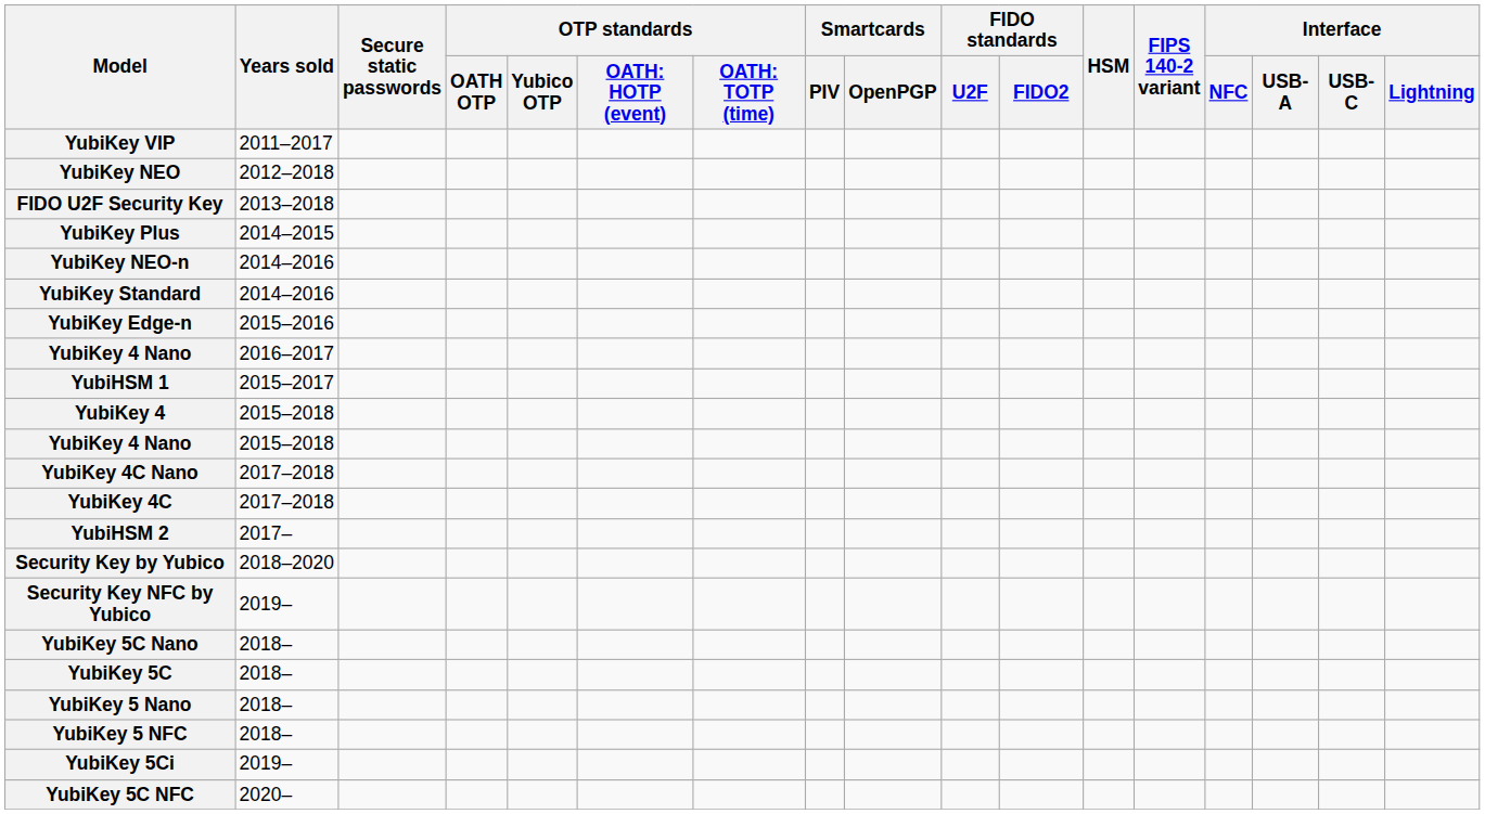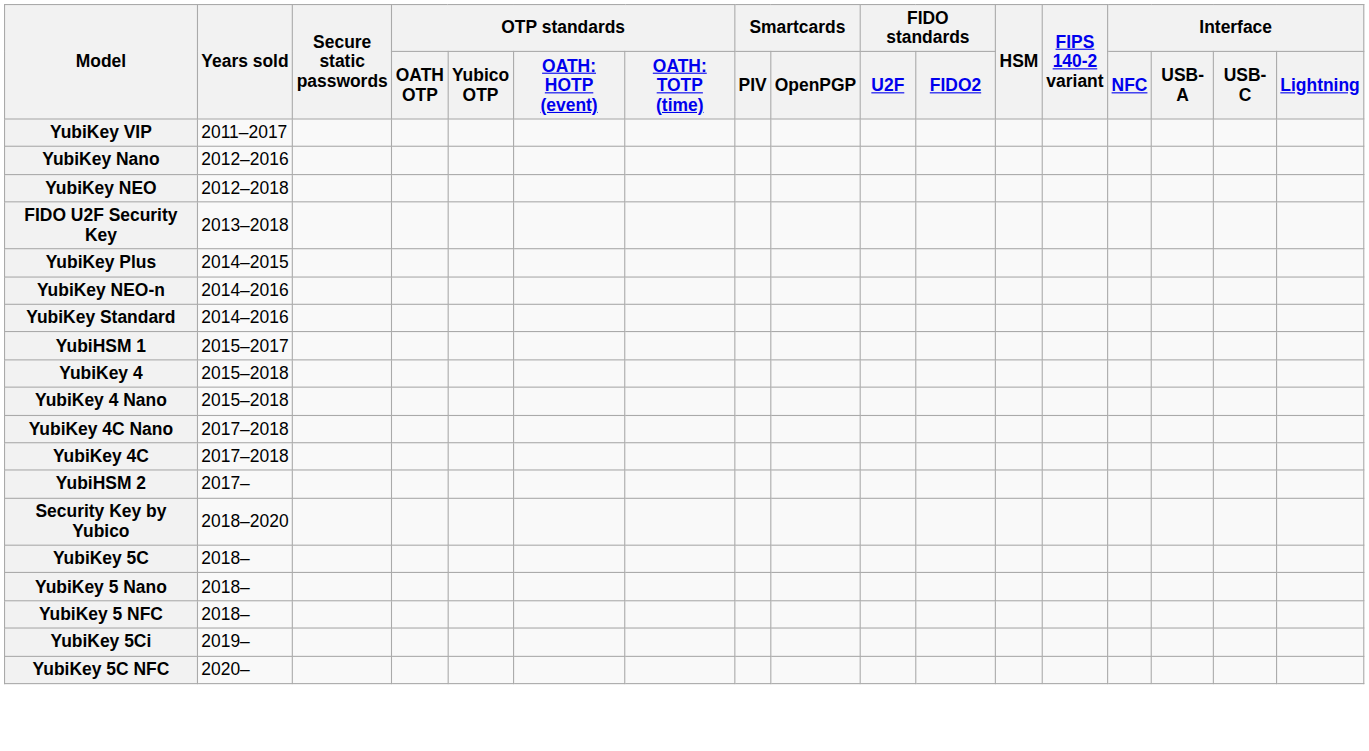 <table class="wikitable">
 <tr>
 <th rowspan="2">Model</th>
 <th rowspan="2">Years sold</th>
 <th rowspan="2">Secure<br>static<br>passwords</th>
 <th colspan="4">OTP standards</th>
 <th colspan="2">Smartcards</th>
 <th colspan="2">FIDO standards</th>
 <th rowspan="2">HSM</th>
 <th rowspan="2"><a href='#'>FIPS<br>140-2</a><br>variant</th>
 <th colspan="4">Interface</th>
 </tr>
 <tr>
 <th>OATH<br>OTP</th>
 <th>Yubico<br>OTP</th>
 <th><a href='#'>OATH: HOTP<br>(event)</a></th>
 <th><a href='#'>OATH: TOTP<br>(time)</a></th>
 <th>PIV</th>
 <th>OpenPGP</th>
 <th><a href='#'>U2F</a></th>
 <th><a href='#'>FIDO2</a></th>
 <th><a href='#'>NFC</a></th>
 <th>USB-A</th>
 <th>USB-C</th>
 <th><a href='#'>Lightning</a></th>
 </tr>
 <tr>
 <th>YubiKey VIP</th>
 <td>2011–2017</td>
+<td></td>
+<td></td>
+<td></td>
+<td></td>
+<td></td>
+<td></td>
+<td></td>
+<td></td>
+<td></td>
+<td></td>
+<td></td>
+<td></td>
+<td></td>
+<td></td>
+<td></td>
+</tr>
+<tr>
+<th>YubiKey Nano</th>
+<td>2012–2016</td>
 <td></td>
 <td></td>
 <td></td>
 <td></td>
 <td></td>
 <td></td>
 <td></td>
 <td></td>
 <td></td>
 <td></td>
 <td></td>
 <td></td>
 <td></td>
 <td></td>
 <td></td>
 </tr>
 <tr>
 <th>YubiKey NEO</th>
 <td>2012–2018</td>
 <td></td>
 <td></td>
 <td></td>
 <td></td>
 <td></td>
 <td></td>
 <td></td>
 <td></td>
 <td></td>
 <td></td>
 <td></td>
 <td></td>
 <td></td>
 <td></td>
 <td></td>
 </tr>
 <tr>
 <th>FIDO U2F Security Key</th>
 <td>2013–2018</td>
 <td></td>
 <td></td>
 <td></td>
 <td></td>
 <td></td>
 <td></td>
 <td></td>
 <td></td>
 <td></td>
 <td></td>
 <td></td>
 <td></td>
 <td></td>
 <td></td>
 <td></td>
 </tr>
 <tr>
 <th>YubiKey Plus</th>
 <td>2014⁠–⁠2015</td>
 <td></td>
 <td></td>
 <td></td>
 <td></td>
 <td></td>
 <td></td>
 <td></td>
 <td></td>
 <td></td>
 <td></td>
 <td></td>
 <td></td>
 <td></td>
 <td></td>
 <td></td>
 </tr>
 <tr>
 <th>YubiKey NEO-n</th>
 <td>2014–2016</td>
 <td></td>
 <td></td>
 <td></td>
 <td></td>
 <td></td>
 <td></td>
 <td></td>
 <td></td>
 <td></td>
 <td></td>
 <td></td>
 <td></td>
 <td></td>
 <td></td>
 <td></td>
 </tr>
 <tr>
 <th>YubiKey Standard</th>
 <td>2014–2016</td>
-<td></td>
-<td></td>
-<td></td>
-<td></td>
-<td></td>
-<td></td>
-<td></td>
-<td></td>
-<td></td>
-<td></td>
-<td></td>
-<td></td>
-<td></td>
-<td></td>
-<td></td>
-</tr>
-<tr>
-<th>YubiKey Edge-n</th>
-<td>2015–2016</td>
-<td></td>
-<td></td>
-<td></td>
-<td></td>
-<td></td>
-<td></td>
-<td></td>
-<td></td>
-<td></td>
-<td></td>
-<td></td>
-<td></td>
-<td></td>
-<td></td>
-<td></td>
-</tr>
-<tr>
-<th>YubiKey 4 Nano</th>
-<td>2016–2017</td>
 <td></td>
 <td></td>
 <td></td>
 <td></td>
 <td></td>
 <td></td>
 <td></td>
 <td></td>
 <td></td>
 <td></td>
 <td></td>
 <td></td>
 <td></td>
 <td></td>
 <td></td>
 </tr>
 <tr>
 <th>YubiHSM 1</th>
 <td>2015–2017</td>
 <td></td>
 <td></td>
 <td></td>
 <td></td>
 <td></td>
 <td></td>
 <td></td>
 <td></td>
 <td></td>
 <td></td>
 <td></td>
 <td></td>
 <td></td>
 <td></td>
 <td></td>
 </tr>
 <tr>
 <th>YubiKey 4</th>
 <td>2015–2018</td>
 <td></td>
 <td></td>
 <td></td>
 <td></td>
 <td></td>
 <td></td>
 <td></td>
 <td></td>
 <td></td>
 <td></td>
 <td></td>
 <td></td>
 <td></td>
 <td></td>
 <td></td>
 </tr>
 <tr>
 <th>YubiKey 4 Nano</th>
 <td>2015–2018</td>
 <td></td>
 <td></td>
 <td></td>
 <td></td>
 <td></td>
 <td></td>
 <td></td>
 <td></td>
 <td></td>
 <td></td>
 <td></td>
 <td></td>
 <td></td>
 <td></td>
 <td></td>
 </tr>
 <tr>
 <th>YubiKey 4C Nano</th>
 <td>2017–2018</td>
 <td></td>
 <td></td>
 <td></td>
 <td></td>
 <td></td>
 <td></td>
 <td></td>
 <td></td>
 <td></td>
 <td></td>
 <td></td>
 <td></td>
 <td></td>
 <td></td>
 <td></td>
 </tr>
 <tr>
 <th>YubiKey 4C</th>
 <td>2017–2018</td>
 <td></td>
 <td></td>
 <td></td>
 <td></td>
 <td></td>
 <td></td>
 <td></td>
 <td></td>
 <td></td>
 <td></td>
 <td></td>
 <td></td>
 <td></td>
 <td></td>
 <td></td>
 </tr>
 <tr>
 <th>YubiHSM 2</th>
 <td>2017–</td>
 <td></td>
 <td></td>
 <td></td>
 <td></td>
 <td></td>
 <td></td>
 <td></td>
 <td></td>
 <td></td>
 <td></td>
 <td></td>
 <td></td>
 <td></td>
 <td></td>
 <td></td>
 </tr>
 <tr>
 <th>Security Key by Yubico</th>
 <td>2018–2020</td>
 <td></td>
 <td></td>
 <td></td>
 <td></td>
 <td></td>
 <td></td>
 <td></td>
 <td></td>
 <td></td>
 <td></td>
 <td></td>
 <td></td>
 <td></td>
 <td></td>
 <td></td>
 </tr>
 <tr>
-<th>Security Key NFC by Yubico</th>
-<td>2019–</td>
-<td></td>
-<td></td>
-<td></td>
-<td></td>
-<td></td>
-<td></td>
-<td></td>
-<td></td>
-<td></td>
-<td></td>
-<td></td>
-<td></td>
-<td></td>
-<td></td>
-<td></td>
-</tr>
-<tr>
-<th>YubiKey 5C Nano</th>
-<td>2018–</td>
-<td></td>
-<td></td>
-<td></td>
-<td></td>
-<td></td>
-<td></td>
-<td></td>
-<td></td>
-<td></td>
-<td></td>
-<td></td>
-<td></td>
-<td></td>
-<td></td>
-<td></td>
-</tr>
-<tr>
 <th>YubiKey 5C</th>
 <td>2018–</td>
 <td></td>
 <td></td>
 <td></td>
 <td></td>
 <td></td>
 <td></td>
 <td></td>
 <td></td>
 <td></td>
 <td></td>
 <td></td>
 <td></td>
 <td></td>
 <td></td>
 <td></td>
 </tr>
 <tr>
 <th>YubiKey 5 Nano</th>
 <td>2018–</td>
 <td></td>
 <td></td>
 <td></td>
 <td></td>
 <td></td>
 <td></td>
 <td></td>
 <td></td>
 <td></td>
 <td></td>
 <td></td>
 <td></td>
 <td></td>
 <td></td>
 <td></td>
 </tr>
 <tr>
 <th>YubiKey 5 NFC</th>
 <td>2018–</td>
 <td></td>
 <td></td>
 <td></td>
 <td></td>
 <td></td>
 <td></td>
 <td></td>
 <td></td>
 <td></td>
 <td></td>
 <td></td>
 <td></td>
 <td></td>
 <td></td>
 <td></td>
 </tr>
 <tr>
 <th>YubiKey 5Ci</th>
 <td>2019–</td>
 <td></td>
 <td></td>
 <td></td>
 <td></td>
 <td></td>
 <td></td>
 <td></td>
 <td></td>
 <td></td>
 <td></td>
 <td></td>
 <td></td>
 <td></td>
 <td></td>
 <td></td>
 </tr>
 <tr>
 <th>YubiKey 5C NFC</th>
 <td>2020–</td>
 <td></td>
 <td></td>
 <td></td>
 <td></td>
 <td></td>
 <td></td>
 <td></td>
 <td></td>
 <td></td>
 <td></td>
 <td></td>
 <td></td>
 <td></td>
 <td></td>
 <td></td>
 </tr>
 </table>
